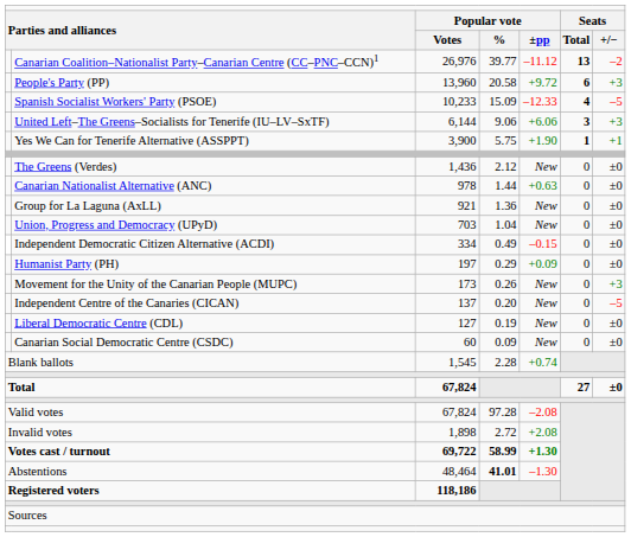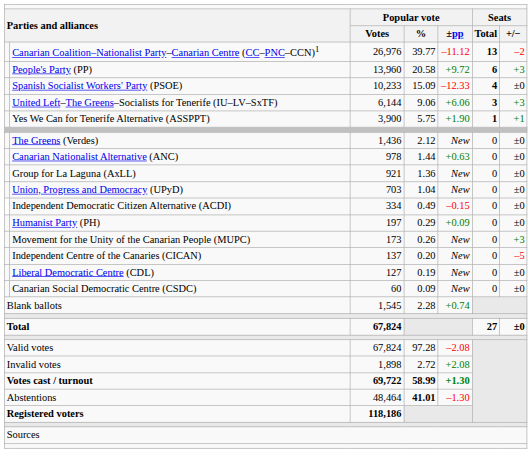 <table class="wikitable" style="text-align:right;">
 <tr>
 <td colspan="7"></td>
 </tr>
 <tr>
 <th style="text-align:left;" rowspan="2" colspan="2" width="525">Parties and alliances</th>
 <th colspan="3">Popular vote</th>
 <th colspan="2">Seats</th>
 </tr>
 <tr>
 <th width="75">Votes</th>
 <th width="45">%</th>
 <th width="45">±<a href='#'>pp</a></th>
 <th width="35">Total</th>
 <th width="35">+/−</th>
 </tr>
 <tr>
 <td width="1" style="color:inherit;background:"></td>
 <td align="left"><a href='#'>Canarian Coalition–Nationalist Party</a>–<a href='#'>Canarian Centre</a> (<a href='#'>CC</a>–<a href='#'>PNC</a>–CCN)<sup>1</sup></td>
 <td>26,976</td>
 <td>39.77</td>
 <td style="color:red;">–11.12</td>
 <td><strong>13</strong></td>
 <td style="color:red;">–2</td>
 </tr>
 <tr>
 <td style="color:inherit;background:"></td>
 <td align="left"><a href='#'>People's Party</a> (PP)</td>
 <td>13,960</td>
 <td>20.58</td>
 <td style="color:green;">+9.72</td>
 <td><strong>6</strong></td>
 <td style="color:green;">+3</td>
 </tr>
 <tr>
 <td style="color:inherit;background:"></td>
 <td align="left"><a href='#'>Spanish Socialist Workers' Party</a> (PSOE)</td>
 <td>10,233</td>
 <td>15.09</td>
 <td style="color:red;">–12.33</td>
 <td><strong>4</strong></td>
-<td style="color:red;">–5</td>
+<td>±0</td>
 </tr>
 <tr>
 <td style="color:inherit;background:"></td>
 <td align="left"><a href='#'>United Left</a>–<a href='#'>The Greens</a>–Socialists for Tenerife (IU–LV–SxTF)</td>
 <td>6,144</td>
 <td>9.06</td>
 <td style="color:green;">+6.06</td>
 <td><strong>3</strong></td>
 <td style="color:green;">+3</td>
 </tr>
 <tr>
 <td style="color:inherit;background:"></td>
 <td align="left">Yes We Can for Tenerife Alternative (ASSPPT)</td>
 <td>3,900</td>
 <td>5.75</td>
 <td style="color:green;">+1.90</td>
 <td><strong>1</strong></td>
 <td style="color:green;">+1</td>
 </tr>
 <tr>
 <td colspan="7" bgcolor="#C0C0C0"></td>
 </tr>
 <tr>
 <td style="color:inherit;background:"></td>
 <td align="left"><a href='#'>The Greens</a> (Verdes)</td>
 <td>1,436</td>
 <td>2.12</td>
 <td><em>New</em></td>
 <td>0</td>
 <td>±0</td>
 </tr>
 <tr>
 <td style="color:inherit;background:"></td>
 <td align="left"><a href='#'>Canarian Nationalist Alternative</a> (ANC)</td>
 <td>978</td>
 <td>1.44</td>
 <td style="color:green;">+0.63</td>
 <td>0</td>
 <td>±0</td>
 </tr>
 <tr>
 <td style="color:inherit;background:"></td>
 <td align="left">Group for La Laguna (AxLL)</td>
 <td>921</td>
 <td>1.36</td>
 <td><em>New</em></td>
 <td>0</td>
 <td>±0</td>
 </tr>
 <tr>
 <td style="color:inherit;background:"></td>
 <td align="left"><a href='#'>Union, Progress and Democracy</a> (UPyD)</td>
 <td>703</td>
 <td>1.04</td>
 <td><em>New</em></td>
 <td>0</td>
 <td>±0</td>
 </tr>
 <tr>
 <td bgcolor="white"></td>
 <td align="left">Independent Democratic Citizen Alternative (ACDI)</td>
 <td>334</td>
 <td>0.49</td>
 <td style="color:red;">–0.15</td>
 <td>0</td>
 <td>±0</td>
 </tr>
 <tr>
 <td style="color:inherit;background:"></td>
 <td align="left"><a href='#'>Humanist Party</a> (PH)</td>
 <td>197</td>
 <td>0.29</td>
 <td style="color:green;">+0.09</td>
 <td>0</td>
 <td>±0</td>
 </tr>
 <tr>
 <td style="color:inherit;background:"></td>
 <td align="left">Movement for the Unity of the Canarian People (MUPC)</td>
 <td>173</td>
 <td>0.26</td>
 <td><em>New</em></td>
 <td>0</td>
 <td style="color:green;">+3</td>
 </tr>
 <tr>
 <td style="color:inherit;background:"></td>
 <td align="left">Independent Centre of the Canaries (CICAN)</td>
 <td>137</td>
 <td>0.20</td>
 <td><em>New</em></td>
 <td>0</td>
 <td style="color:red;">–5</td>
 </tr>
 <tr>
 <td style="color:inherit;background:"></td>
 <td align="left"><a href='#'>Liberal Democratic Centre</a> (CDL)</td>
 <td>127</td>
 <td>0.19</td>
 <td><em>New</em></td>
 <td>0</td>
 <td>±0</td>
 </tr>
 <tr>
 <td style="color:inherit;background:"></td>
 <td align="left">Canarian Social Democratic Centre (CSDC)</td>
 <td>60</td>
 <td>0.09</td>
 <td><em>New</em></td>
 <td>0</td>
 <td>±0</td>
 </tr>
 <tr>
 <td align="left" colspan="2">Blank ballots</td>
 <td>1,545</td>
 <td>2.28</td>
 <td style="color:green;">+0.74</td>
 <td bgcolor="#E9E9E9" colspan="2"></td>
 </tr>
 <tr>
 <td colspan="7" bgcolor="#E9E9E9"></td>
 </tr>
 <tr style="font-weight:bold;">
 <td align="left" colspan="2">Total</td>
 <td>67,824</td>
 <td bgcolor="#E9E9E9" colspan="2"></td>
 <td>27</td>
 <td>±0</td>
 </tr>
 <tr>
 <td colspan="7" bgcolor="#E9E9E9"></td>
 </tr>
 <tr>
 <td align="left" colspan="2">Valid votes</td>
 <td>67,824</td>
 <td>97.28</td>
 <td style="color:red;">–2.08</td>
 <td bgcolor="#E9E9E9" colspan="2" rowspan="5"></td>
 </tr>
 <tr>
 <td align="left" colspan="2">Invalid votes</td>
 <td>1,898</td>
 <td>2.72</td>
 <td style="color:green;">+2.08</td>
 </tr>
 <tr style="font-weight:bold;">
 <td align="left" colspan="2">Votes cast / turnout</td>
 <td>69,722</td>
 <td>58.99</td>
 <td style="color:green;">+1.30</td>
 </tr>
 <tr>
 <td align="left" colspan="2">Abstentions</td>
 <td>48,464</td>
 <td><strong>41.01</strong></td>
 <td style="color:red;">–1.30</td>
 </tr>
 <tr style="font-weight:bold;">
 <td align="left" colspan="2">Registered voters</td>
 <td>118,186</td>
 <td bgcolor="#E9E9E9" colspan="2"></td>
 </tr>
 <tr>
 <td colspan="7" bgcolor="#E9E9E9"></td>
 </tr>
 <tr>
 <td align="left" colspan="7">Sources</td>
 </tr>
 <tr>
 <td colspan="7" style="text-align:left; max-width:790px;"></td>
 </tr>
 </table>
